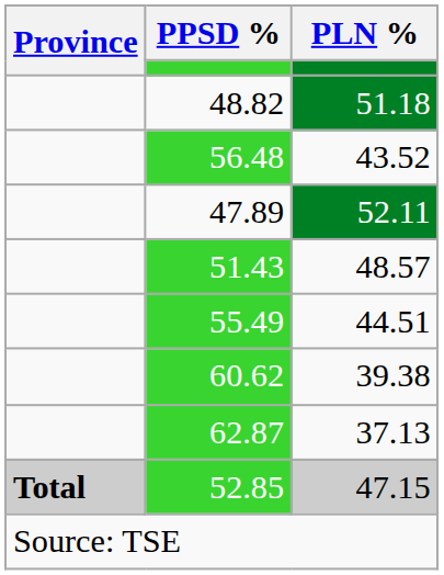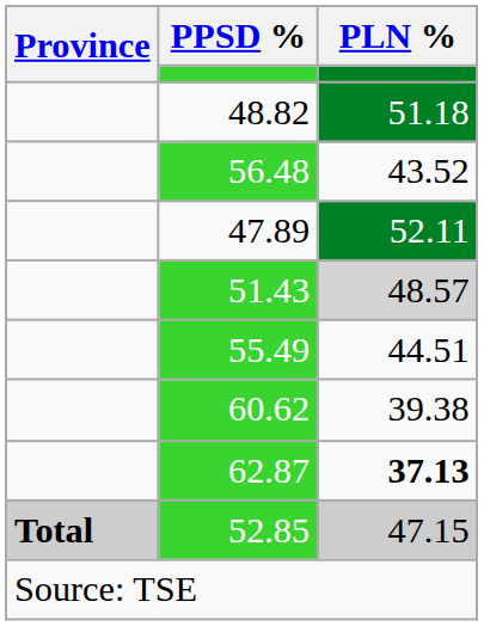 <table class="wikitable sortable" style="text-align:right; font-size:95%">
 <tr>
 <th rowspan=2><a href='#'>Province</a></th>
 <th width=60px><a href='#'>PPSD</a> %</th>
 <th width=60px><a href='#'>PLN</a> %</th>
 </tr>
 <tr>
 <th style="background:#39d430"></th>
 <th style="background:#008024"></th>
 </tr>
 <tr>
 <td align="left"></td>
 <td>48.82</td>
 <td style="background:#008024; color:white;">51.18</td>
 </tr>
 <tr>
 <td align="left"></td>
 <td style="background:#39d430; color:white;">56.48</td>
 <td>43.52</td>
 </tr>
 <tr>
 <td align="left"></td>
 <td>47.89</td>
 <td style="background:#008024; color:white;">52.11</td>
 </tr>
 <tr>
 <td align="left"></td>
 <td style="background:#39d430; color:white;">51.43</td>
-<td>48.57</td>
+<td style="background: lightgrey;">48.57</td>
 </tr>
 <tr>
 <td align="left"></td>
 <td style="background:#39d430; color:white;">55.49</td>
 <td>44.51</td>
 </tr>
 <tr>
 <td align="left"></td>
 <td style="background:#39d430; color:white;">60.62</td>
 <td>39.38</td>
 </tr>
 <tr>
 <td align="left"></td>
 <td style="background:#39d430; color:white;">62.87</td>
-<td>37.13</td>
+<td><strong>37.13</strong></td>
 </tr>
 <tr style="background:#CDCDCD;">
 <td align="left"><strong>Total</strong></td>
 <td style="background:#39d430; color:white;">52.85</td>
 <td>47.15</td>
 </tr>
 <tr>
 <td align=left colspan=11>Source: TSE</td>
 </tr>
 </table>
